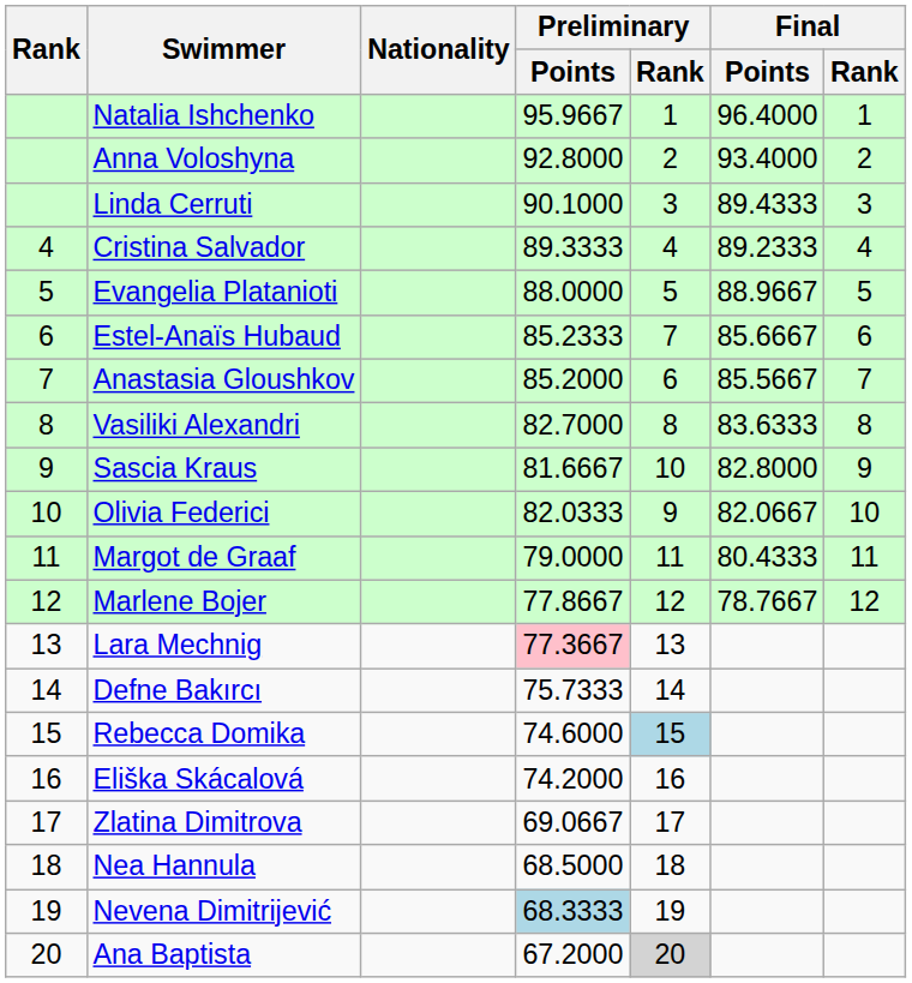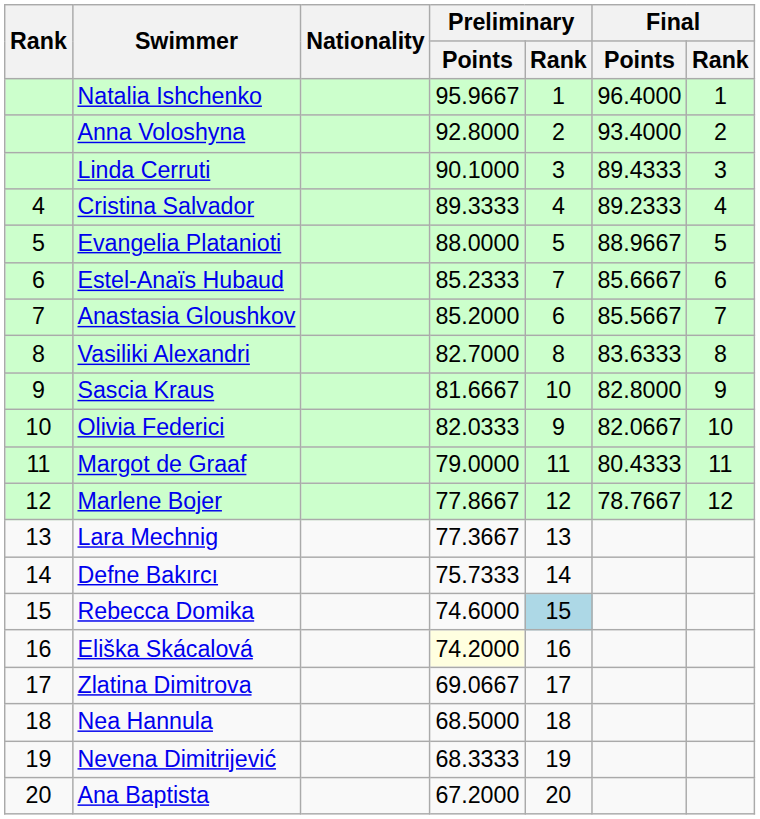 <table class="wikitable sortable" style="text-align:center">
 <tr>
 <th rowspan=2>Rank</th>
 <th rowspan=2>Swimmer</th>
 <th rowspan=2>Nationality</th>
 <th colspan=2>Preliminary</th>
 <th colspan=2>Final</th>
 </tr>
 <tr>
 <th>Points</th>
 <th>Rank</th>
 <th>Points</th>
 <th>Rank</th>
 </tr>
 <tr bgcolor=ccffcc>
 <td></td>
 <td align=left><a href='#'>Natalia Ishchenko</a></td>
 <td align=left></td>
 <td>95.9667</td>
 <td>1</td>
 <td>96.4000</td>
 <td>1</td>
 </tr>
 <tr bgcolor=ccffcc>
 <td></td>
 <td align=left><a href='#'>Anna Voloshyna</a></td>
 <td align=left></td>
 <td>92.8000</td>
 <td>2</td>
 <td>93.4000</td>
 <td>2</td>
 </tr>
 <tr bgcolor=ccffcc>
 <td></td>
 <td align=left><a href='#'>Linda Cerruti</a></td>
 <td align=left></td>
 <td>90.1000</td>
 <td>3</td>
 <td>89.4333</td>
 <td>3</td>
 </tr>
 <tr bgcolor=ccffcc>
 <td>4</td>
 <td align=left><a href='#'>Cristina Salvador</a></td>
 <td align=left></td>
 <td>89.3333</td>
 <td>4</td>
 <td>89.2333</td>
 <td>4</td>
 </tr>
 <tr bgcolor=ccffcc>
 <td>5</td>
 <td align=left><a href='#'>Evangelia Platanioti</a></td>
 <td align=left></td>
 <td>88.0000</td>
 <td>5</td>
 <td>88.9667</td>
 <td>5</td>
 </tr>
 <tr bgcolor=ccffcc>
 <td>6</td>
 <td align=left><a href='#'>Estel-Anaïs Hubaud</a></td>
 <td align=left></td>
 <td>85.2333</td>
 <td>7</td>
 <td>85.6667</td>
 <td>6</td>
 </tr>
 <tr bgcolor=ccffcc>
 <td>7</td>
 <td align=left><a href='#'>Anastasia Gloushkov</a></td>
 <td align=left></td>
 <td>85.2000</td>
 <td>6</td>
 <td>85.5667</td>
 <td>7</td>
 </tr>
 <tr bgcolor=ccffcc>
 <td>8</td>
 <td align=left><a href='#'>Vasiliki Alexandri</a></td>
 <td align=left></td>
 <td>82.7000</td>
 <td>8</td>
 <td>83.6333</td>
 <td>8</td>
 </tr>
 <tr bgcolor=ccffcc>
 <td>9</td>
 <td align=left><a href='#'>Sascia Kraus</a></td>
 <td align=left></td>
 <td>81.6667</td>
 <td>10</td>
 <td>82.8000</td>
 <td>9</td>
 </tr>
 <tr bgcolor=ccffcc>
 <td>10</td>
 <td align=left><a href='#'>Olivia Federici</a></td>
 <td align=left></td>
 <td>82.0333</td>
 <td>9</td>
 <td>82.0667</td>
 <td>10</td>
 </tr>
 <tr bgcolor=ccffcc>
 <td>11</td>
 <td align=left><a href='#'>Margot de Graaf</a></td>
 <td align=left></td>
 <td>79.0000</td>
 <td>11</td>
 <td>80.4333</td>
 <td>11</td>
 </tr>
 <tr bgcolor=ccffcc>
 <td>12</td>
 <td align=left><a href='#'>Marlene Bojer</a></td>
 <td align=left></td>
 <td>77.8667</td>
 <td>12</td>
 <td>78.7667</td>
 <td>12</td>
 </tr>
 <tr>
 <td>13</td>
 <td align=left><a href='#'>Lara Mechnig</a></td>
 <td align=left></td>
-<td style="background: pink;">77.3667</td>
+<td>77.3667</td>
 <td>13</td>
 <td></td>
 <td></td>
 </tr>
 <tr>
 <td>14</td>
 <td align=left><a href='#'>Defne Bakırcı</a></td>
 <td align=left></td>
 <td>75.7333</td>
 <td>14</td>
 <td></td>
 <td></td>
 </tr>
 <tr>
 <td>15</td>
 <td align=left><a href='#'>Rebecca Domika</a></td>
 <td align=left></td>
 <td>74.6000</td>
 <td style="background: lightblue;">15</td>
 <td></td>
 <td></td>
 </tr>
 <tr>
 <td>16</td>
 <td align=left><a href='#'>Eliška Skácalová</a></td>
 <td align=left></td>
-<td>74.2000</td>
+<td style="background: lightyellow;">74.2000</td>
 <td>16</td>
 <td></td>
 <td></td>
 </tr>
 <tr>
 <td>17</td>
 <td align=left><a href='#'>Zlatina Dimitrova</a></td>
 <td align=left></td>
 <td>69.0667</td>
 <td>17</td>
 <td></td>
 <td></td>
 </tr>
 <tr>
 <td>18</td>
 <td align=left><a href='#'>Nea Hannula</a></td>
 <td align=left></td>
 <td>68.5000</td>
 <td>18</td>
 <td></td>
 <td></td>
 </tr>
 <tr>
 <td>19</td>
 <td align=left><a href='#'>Nevena Dimitrijević</a></td>
 <td align=left></td>
-<td style="background: lightblue;">68.3333</td>
+<td>68.3333</td>
 <td>19</td>
 <td></td>
 <td></td>
 </tr>
 <tr>
 <td>20</td>
 <td align=left><a href='#'>Ana Baptista</a></td>
 <td align=left></td>
 <td>67.2000</td>
-<td style="background: lightgrey;">20</td>
+<td>20</td>
 <td></td>
 <td></td>
 </tr>
 </table>
